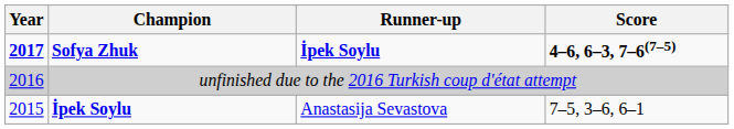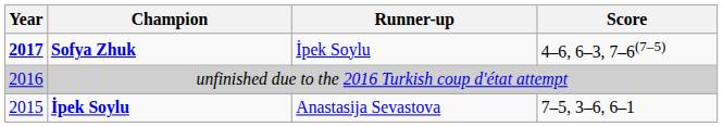 <table class="wikitable" style="font-size:90%">
 <tr>
 <th>Year</th>
 <th width="200">Champion</th>
 <th width="200">Runner-up</th>
 <th width="145">Score</th>
 </tr>
 <tr>
 <td><strong><a href='#'>2017</a></strong></td>
 <td> <strong><a href='#'>Sofya Zhuk</a></strong></td>
-<td><strong> <a href='#'>İpek Soylu</a></strong></td>
-<td><strong>4–6, 6–3, 7–6<sup>(7–5)</sup></strong></td>
+<td> <a href='#'>İpek Soylu</a></td>
+<td>4–6, 6–3, 7–6<sup>(7–5)</sup></td>
 </tr>
 <tr>
 <td style="background:#cfcfcf"><a href='#'>2016</a></td>
 <td colspan=3 align=center style="background:#cfcfcf"><em>unfinished due to the <a href='#'>2016 Turkish coup d'état attempt</a></em></td>
 </tr>
 <tr>
 <td><a href='#'>2015</a></td>
 <td> <strong><a href='#'>İpek Soylu</a></strong></td>
 <td> <a href='#'>Anastasija Sevastova</a></td>
 <td>7–5, 3–6, 6–1</td>
 </tr>
 </table>
